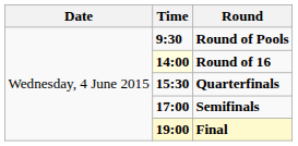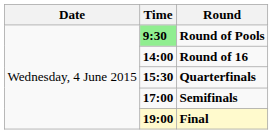 <table class="wikitable">
 <tr>
 <th>Date</th>
 <th>Time</th>
 <th>Round</th>
 </tr>
 <tr>
 <td rowspan="5">Wednesday, 4 June 2015</td>
-<td><strong>9:30</strong></td>
+<td style="background: lightgreen;"><strong>9:30</strong></td>
 <td><strong>Round of Pools</strong></td>
 </tr>
 <tr>
-<td style="background: lightyellow;"><strong>14:00</strong></td>
+<td><strong>14:00</strong></td>
 <td><strong>Round of 16</strong></td>
 </tr>
 <tr>
 <td><strong>15:30</strong></td>
 <td><strong>Quarterfinals</strong></td>
 </tr>
 <tr>
 <td><strong>17:00</strong></td>
 <td><strong>Semifinals</strong></td>
 </tr>
 <tr style="background:lemonchiffon;">
 <td><strong>19:00</strong></td>
 <td><strong>Final</strong></td>
 </tr>
 </table>
